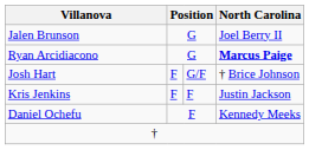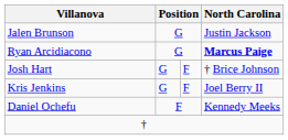 <table class="wikitable">
 <tr>
 <th style="width:200px;">Villanova</th>
 <th colspan="2">Position</th>
 <th>North Carolina</th>
 </tr>
 <tr>
 <td><a href='#'>Jalen Brunson</a></td>
 <td colspan="2" style="text-align:center"><a href='#'>G</a></td>
-<td><a href='#'>Joel Berry II</a></td>
+<td><a href='#'>Justin Jackson</a></td>
 </tr>
 <tr>
 <td><a href='#'>Ryan Arcidiacono</a></td>
 <td colspan="2" style="text-align:center"><a href='#'>G</a></td>
 <td><strong><a href='#'>Marcus Paige</a></strong></td>
 </tr>
 <tr>
 <td><a href='#'>Josh Hart</a></td>
+<td><a href='#'>G</a></td>
 <td><a href='#'>F</a></td>
-<td><a href='#'>G/F</a></td>
 <td>† <a href='#'>Brice Johnson</a></td>
 </tr>
 <tr>
 <td><a href='#'>Kris Jenkins</a></td>
+<td><a href='#'>G</a></td>
 <td><a href='#'>F</a></td>
-<td><a href='#'>F</a></td>
-<td><a href='#'>Justin Jackson</a></td>
+<td><a href='#'>Joel Berry II</a></td>
 </tr>
 <tr>
 <td><a href='#'>Daniel Ochefu</a></td>
 <td colspan="2" style="text-align:center"><a href='#'>F</a></td>
 <td><a href='#'>Kennedy Meeks</a></td>
 </tr>
 <tr>
 <td colspan="5" align=center>† </td>
 </tr>
 </table>
